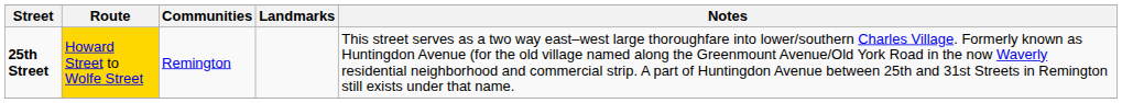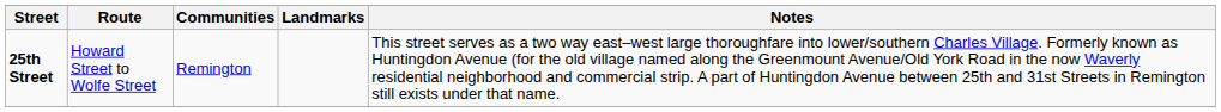 <table class="wikitable">
 <tr style="background-color:#DDDDDD;text-align:center;">
 </tr>
 <tr>
 <th>Street</th>
 <th>Route</th>
 <th>Communities</th>
 <th>Landmarks</th>
 <th>Notes</th>
 </tr>
 <tr>
 <td><strong>25th Street</strong></td>
-<td style="background: gold;"><a href='#'>Howard Street</a> to <a href='#'>Wolfe Street</a></td>
+<td><a href='#'>Howard Street</a> to <a href='#'>Wolfe Street</a></td>
 <td><a href='#'>Remington</a></td>
 <td></td>
 <td>This street serves as a two way east–west large thoroughfare into lower/southern <a href='#'>Charles Village</a>. Formerly known as Huntingdon Avenue (for the old village named along the Greenmount Avenue/Old York Road in the now <a href='#'>Waverly</a> residential neighborhood and commercial strip. A part of Huntingdon Avenue between 25th and 31st Streets in Remington still exists under that name.</td>
 </tr>
 <tr>
 </tr>
 </table>
